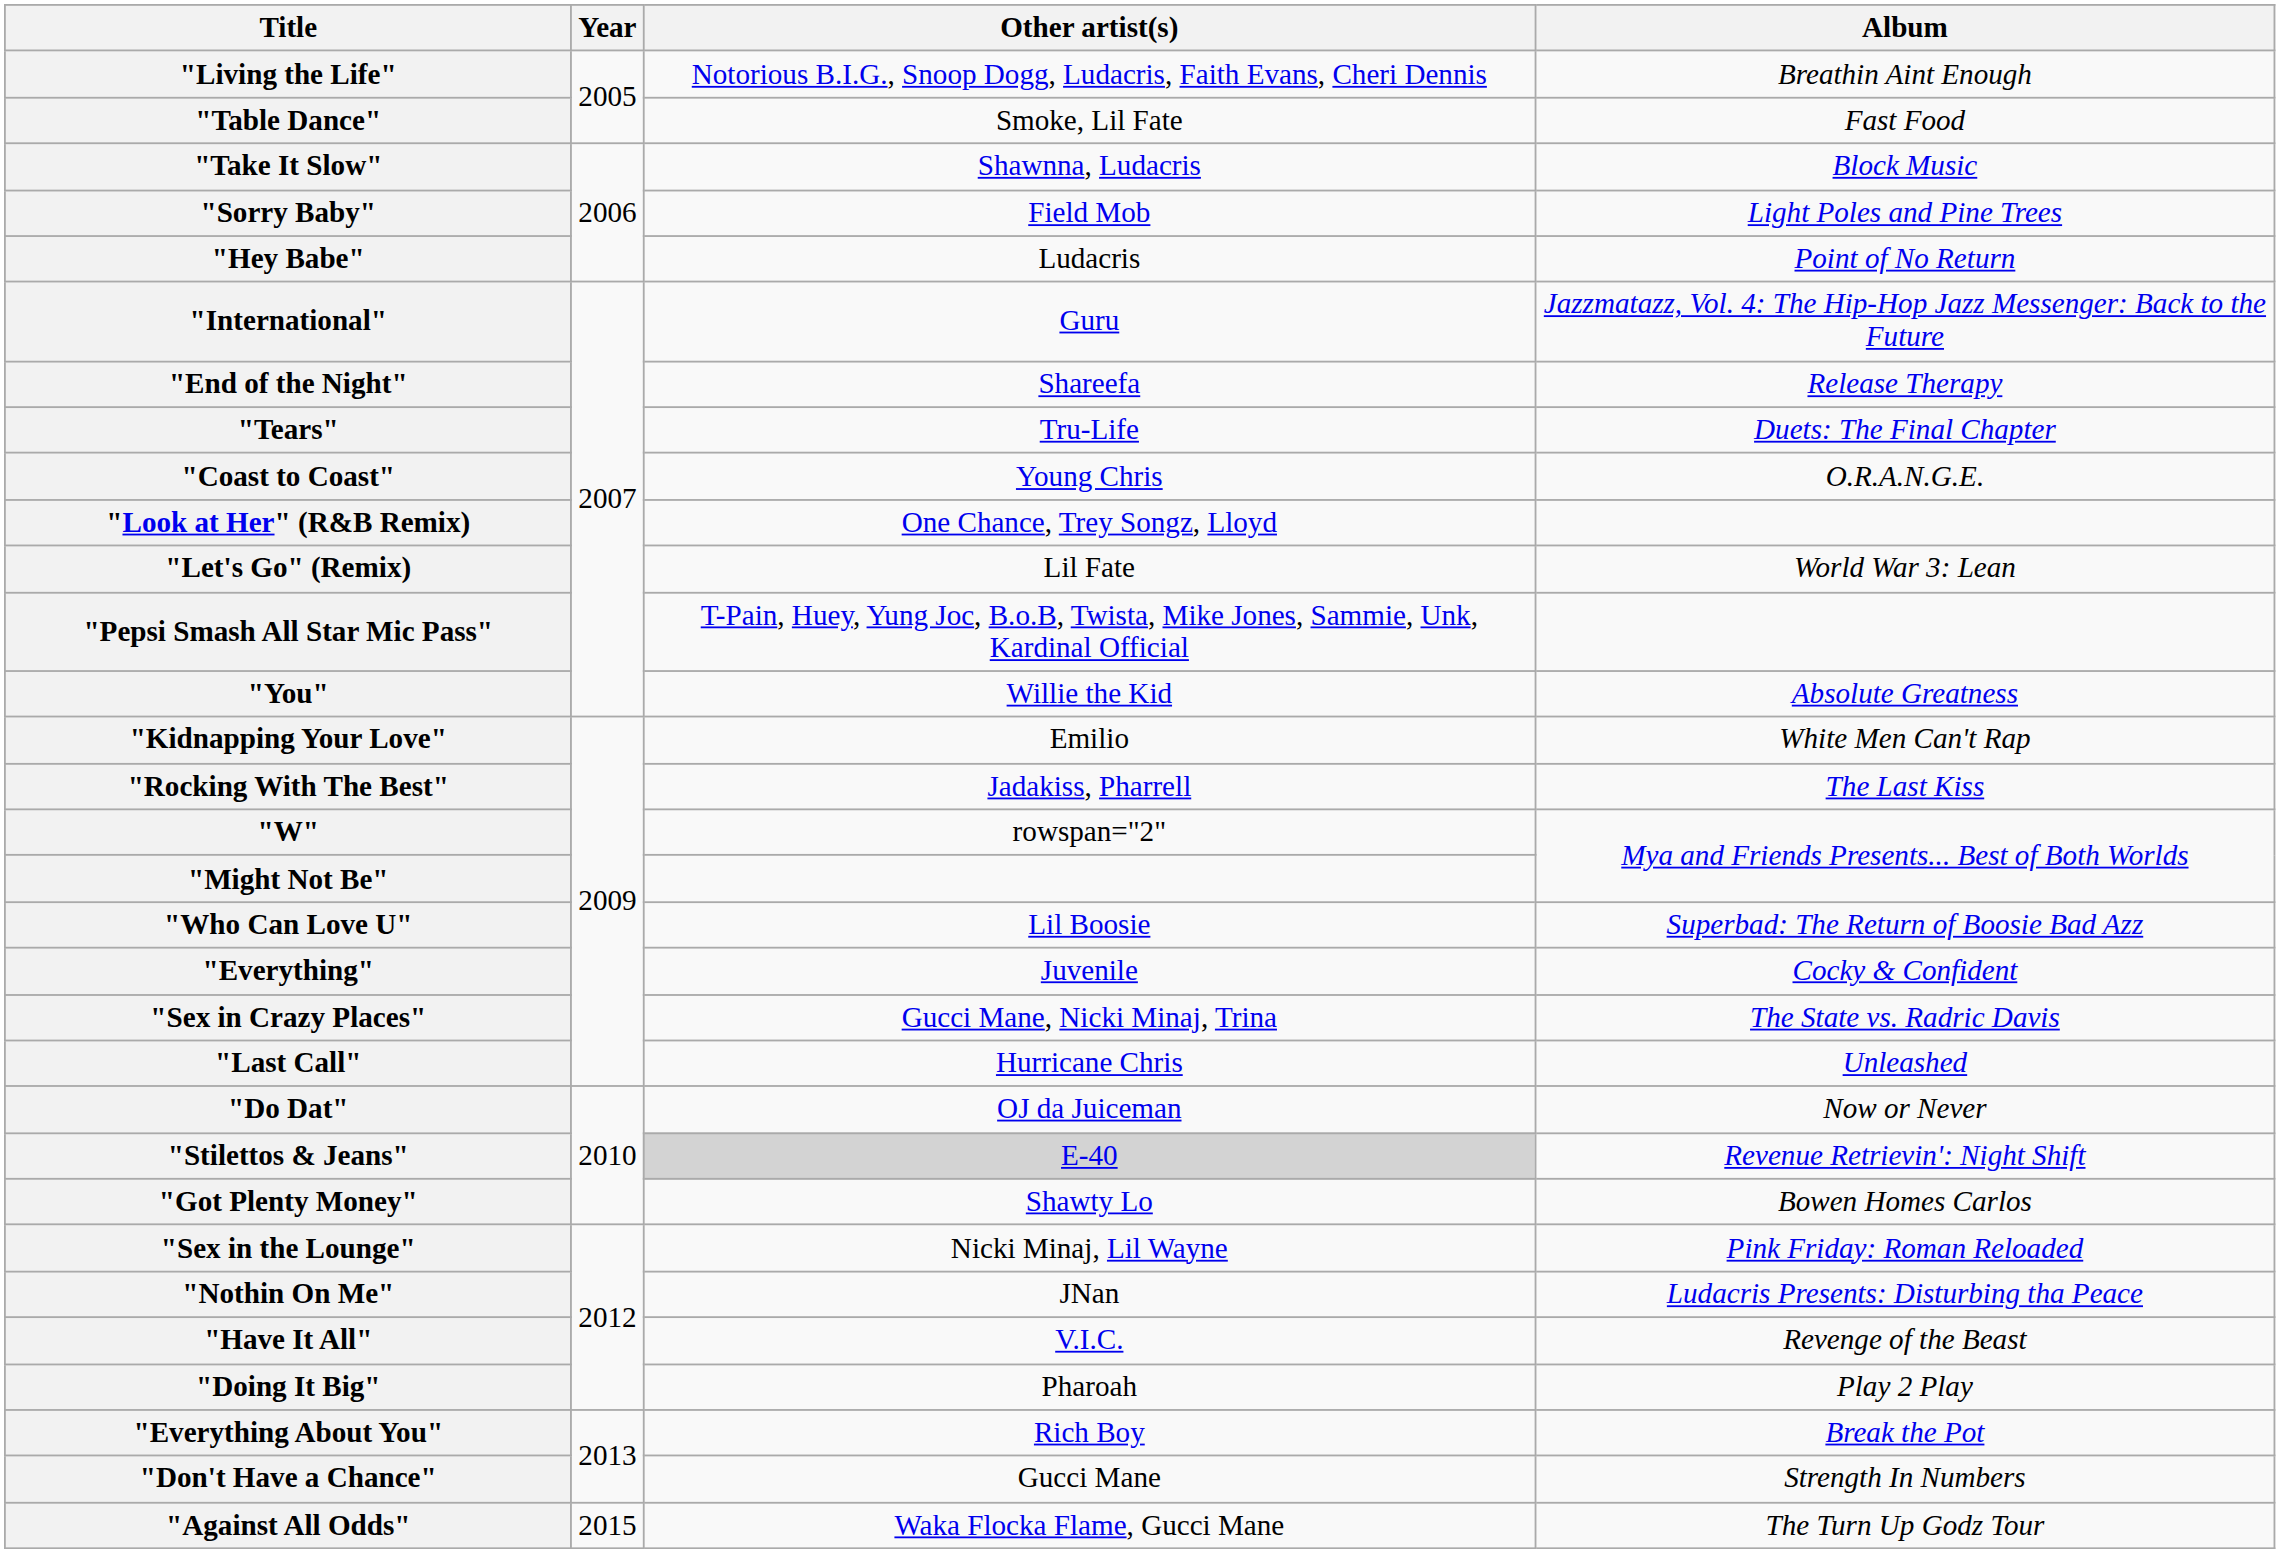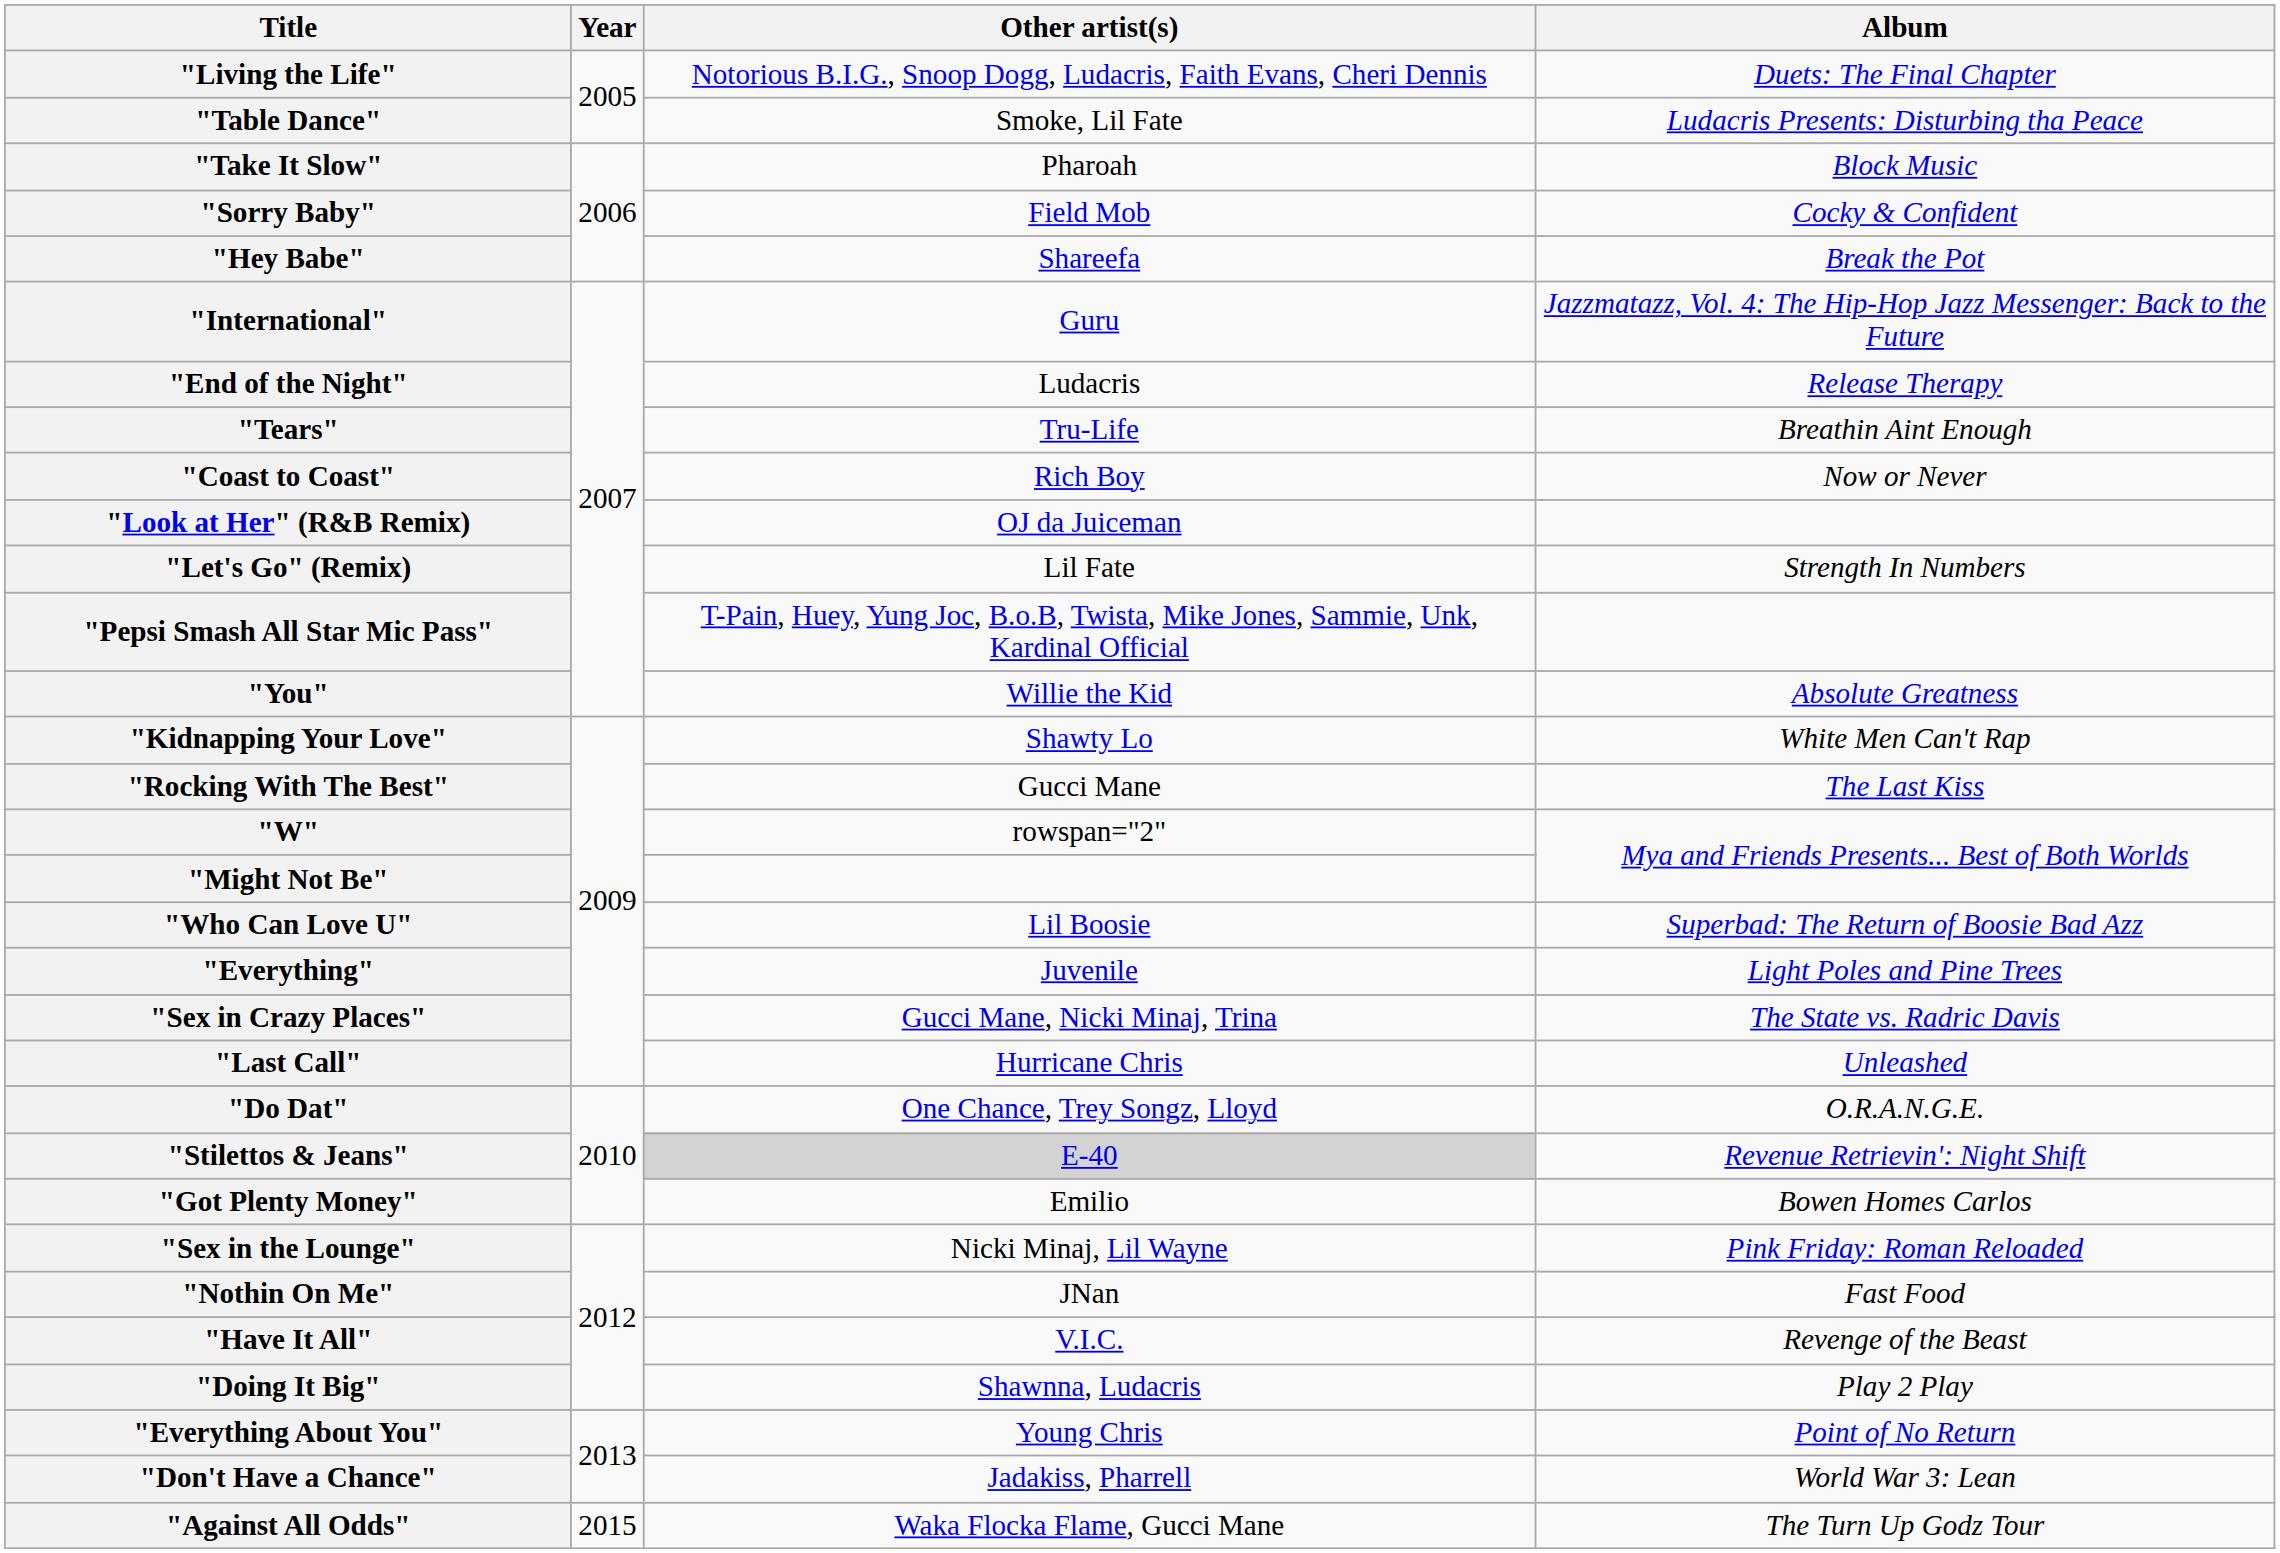 <table class="wikitable plainrowheaders" style="text-align:center;" border="1">
 <tr>
 <th scope="col" style="width:19em;">Title</th>
 <th scope="col">Year</th>
 <th scope="col">Other artist(s)</th>
 <th scope="col">Album</th>
 </tr>
 <tr>
 <th scope="row">"Living the Life"</th>
 <td rowspan="2">2005</td>
 <td><a href='#'>Notorious B.I.G.</a>, <a href='#'>Snoop Dogg</a>, <a href='#'>Ludacris</a>, <a href='#'>Faith Evans</a>, <a href='#'>Cheri Dennis</a></td>
-<td><em>Breathin Aint Enough</em></td>
+<td><em><a href='#'>Duets: The Final Chapter</a></em></td>
 </tr>
 <tr>
 <th scope="row">"Table Dance"</th>
 <td>Smoke, Lil Fate</td>
-<td><em>Fast Food</em></td>
+<td><em><a href='#'>Ludacris Presents: Disturbing tha Peace</a></em></td>
 </tr>
 <tr>
 <th scope="row">"Take It Slow"</th>
 <td rowspan="3">2006</td>
-<td><a href='#'>Shawnna</a>, <a href='#'>Ludacris</a></td>
+<td>Pharoah</td>
 <td><em><a href='#'>Block Music</a></em></td>
 </tr>
 <tr>
 <th scope="row">"Sorry Baby"</th>
 <td><a href='#'>Field Mob</a></td>
-<td><em><a href='#'>Light Poles and Pine Trees</a></em></td>
+<td><em><a href='#'>Cocky & Confident</a></em></td>
 </tr>
 <tr>
 <th scope="row">"Hey Babe"</th>
-<td>Ludacris</td>
-<td><em><a href='#'>Point of No Return</a></em></td>
+<td><a href='#'>Shareefa</a></td>
+<td><em><a href='#'>Break the Pot</a></em></td>
 </tr>
 <tr>
 <th scope="row">"International"</th>
 <td rowspan="8">2007</td>
 <td><a href='#'>Guru</a></td>
 <td><em><a href='#'>Jazzmatazz, Vol. 4: The Hip-Hop Jazz Messenger: Back to the Future</a></em></td>
 </tr>
 <tr>
 <th scope="row">"End of the Night"</th>
-<td><a href='#'>Shareefa</a></td>
+<td>Ludacris</td>
 <td><em><a href='#'>Release Therapy</a></em></td>
 </tr>
 <tr>
 <th scope="row">"Tears"</th>
 <td><a href='#'>Tru-Life</a></td>
-<td><em><a href='#'>Duets: The Final Chapter</a></em></td>
+<td><em>Breathin Aint Enough</em></td>
 </tr>
 <tr>
 <th scope="row">"Coast to Coast"</th>
-<td><a href='#'>Young Chris</a></td>
-<td><em>O.R.A.N.G.E.</em></td>
+<td><a href='#'>Rich Boy</a></td>
+<td><em>Now or Never</em></td>
 </tr>
 <tr>
 <th scope="row">"<a href='#'>Look at Her</a>" (R&B Remix)</th>
-<td><a href='#'>One Chance</a>, <a href='#'>Trey Songz</a>, <a href='#'>Lloyd</a></td>
+<td><a href='#'>OJ da Juiceman</a></td>
 <td></td>
 </tr>
 <tr>
 <th scope="row">"Let's Go" (Remix)</th>
 <td>Lil Fate</td>
-<td><em>World War 3: Lean</em></td>
+<td><em>Strength In Numbers</em></td>
 </tr>
 <tr>
 <th scope="row">"Pepsi Smash All Star Mic Pass"</th>
 <td><a href='#'>T-Pain</a>, <a href='#'>Huey</a>, <a href='#'>Yung Joc</a>, <a href='#'>B.o.B</a>, <a href='#'>Twista</a>, <a href='#'>Mike Jones</a>, <a href='#'>Sammie</a>, <a href='#'>Unk</a>, <a href='#'>Kardinal Official</a></td>
 <td></td>
 </tr>
 <tr>
 <th scope="row">"You"</th>
 <td><a href='#'>Willie the Kid</a></td>
 <td><em><a href='#'>Absolute Greatness</a></em></td>
 </tr>
 <tr>
 <th scope="row">"Kidnapping Your Love"</th>
 <td rowspan="8">2009</td>
-<td>Emilio</td>
+<td><a href='#'>Shawty Lo</a></td>
 <td><em>White Men Can't Rap</em></td>
 </tr>
 <tr>
 <th scope="row">"Rocking With The Best"</th>
-<td><a href='#'>Jadakiss</a>, <a href='#'>Pharrell</a></td>
+<td>Gucci Mane</td>
 <td><em><a href='#'>The Last Kiss</a></em></td>
 </tr>
 <tr>
 <th scope="row">"W"</th>
 <td>rowspan="2" </td>
 <td rowspan="2"><em><a href='#'>Mya and Friends Presents... Best of Both Worlds</a></em></td>
 </tr>
 <tr>
 <th scope="row">"Might Not Be"</th>
 </tr>
 <tr>
 <th scope="row">"Who Can Love U"</th>
 <td><a href='#'>Lil Boosie</a></td>
 <td><em><a href='#'>Superbad: The Return of Boosie Bad Azz</a></em></td>
 </tr>
 <tr>
 <th scope="row">"Everything"</th>
 <td><a href='#'>Juvenile</a></td>
-<td><em><a href='#'>Cocky & Confident</a></em></td>
+<td><em><a href='#'>Light Poles and Pine Trees</a></em></td>
 </tr>
 <tr>
 <th scope="row">"Sex in Crazy Places"</th>
 <td><a href='#'>Gucci Mane</a>, <a href='#'>Nicki Minaj</a>, <a href='#'>Trina</a></td>
 <td><em><a href='#'>The State vs. Radric Davis</a></em></td>
 </tr>
 <tr>
 <th scope="row">"Last Call"</th>
 <td><a href='#'>Hurricane Chris</a></td>
 <td><em><a href='#'>Unleashed</a></em></td>
 </tr>
 <tr>
 <th scope="row">"Do Dat"</th>
 <td rowspan="3">2010</td>
-<td><a href='#'>OJ da Juiceman</a></td>
-<td><em>Now or Never</em></td>
+<td><a href='#'>One Chance</a>, <a href='#'>Trey Songz</a>, <a href='#'>Lloyd</a></td>
+<td><em>O.R.A.N.G.E.</em></td>
 </tr>
 <tr>
 <th scope="row">"Stilettos & Jeans"</th>
 <td style="background: lightgrey;"><a href='#'>E-40</a></td>
 <td><em><a href='#'>Revenue Retrievin': Night Shift</a></em></td>
 </tr>
 <tr>
 <th scope="row">"Got Plenty Money"</th>
-<td><a href='#'>Shawty Lo</a></td>
+<td>Emilio</td>
 <td><em>Bowen Homes Carlos</em></td>
 </tr>
 <tr>
 <th scope="row">"Sex in the Lounge"</th>
 <td rowspan="4">2012</td>
 <td>Nicki Minaj, <a href='#'>Lil Wayne</a></td>
 <td><em><a href='#'>Pink Friday: Roman Reloaded</a></em></td>
 </tr>
 <tr>
 <th scope="row">"Nothin On Me"</th>
 <td>JNan</td>
-<td><em><a href='#'>Ludacris Presents: Disturbing tha Peace</a></em></td>
+<td><em>Fast Food</em></td>
 </tr>
 <tr>
 <th scope="row">"Have It All"</th>
 <td><a href='#'>V.I.C.</a></td>
 <td><em>Revenge of the Beast</em></td>
 </tr>
 <tr>
 <th scope="row">"Doing It Big"</th>
-<td>Pharoah</td>
+<td><a href='#'>Shawnna</a>, <a href='#'>Ludacris</a></td>
 <td><em>Play 2 Play</em></td>
 </tr>
 <tr>
 <th scope="row">"Everything About You"</th>
 <td rowspan="2">2013</td>
-<td><a href='#'>Rich Boy</a></td>
-<td><em><a href='#'>Break the Pot</a></em></td>
+<td><a href='#'>Young Chris</a></td>
+<td><em><a href='#'>Point of No Return</a></em></td>
 </tr>
 <tr>
 <th scope="row">"Don't Have a Chance"</th>
-<td>Gucci Mane</td>
-<td><em>Strength In Numbers</em></td>
+<td><a href='#'>Jadakiss</a>, <a href='#'>Pharrell</a></td>
+<td><em>World War 3: Lean</em></td>
 </tr>
 <tr>
 <th scope="row">"Against All Odds"</th>
 <td>2015</td>
 <td><a href='#'>Waka Flocka Flame</a>, Gucci Mane</td>
 <td><em>The Turn Up Godz Tour</em></td>
 </tr>
 </table>
